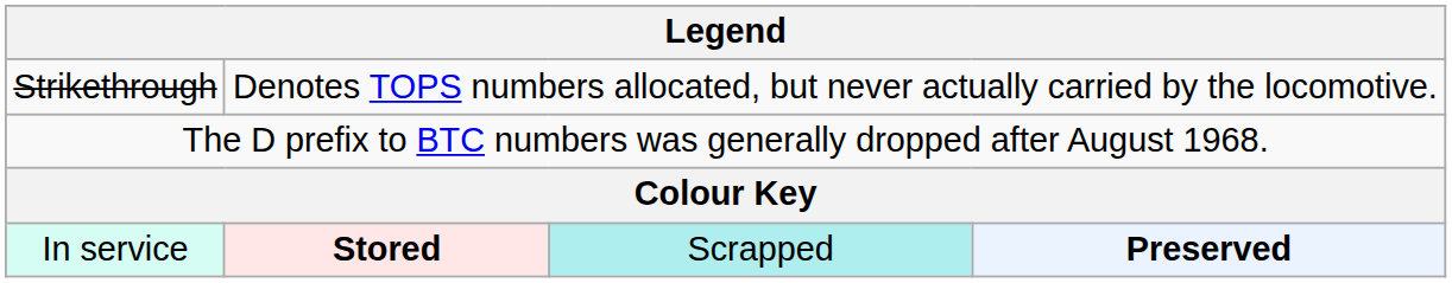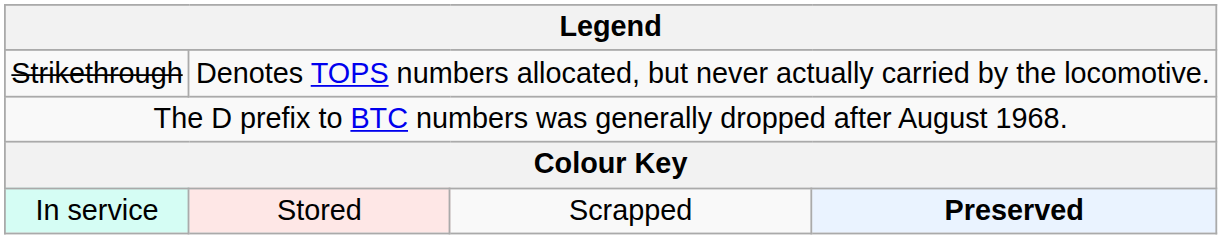 <table class="wikitable" style="margin:1em auto;">
 <tr>
 <th colspan="4">Legend</th>
 </tr>
 <tr>
 <td><s>Strikethrough</s></td>
 <td colspan="3">Denotes <a href='#'>TOPS</a> numbers allocated, but never actually carried by the locomotive.</td>
 </tr>
 <tr>
 <td colspan="5" style="text-align: center;">The D prefix to <a href='#'>BTC</a> numbers was generally dropped after August 1968.</td>
 </tr>
 <tr>
 <th colspan="4">Colour Key</th>
 </tr>
 <tr align=center>
 <td bgcolor=#d5fdf4>In service</td>
-<td bgcolor=#fee7e6><strong>Stored</strong></td>
-<td style="background: paleturquoise;">Scrapped</td>
+<td bgcolor=#fee7e6>Stored</td>
+<td>Scrapped</td>
 <td bgcolor=#eaf3ff><strong>Preserved</strong></td>
 </tr>
 </table>
